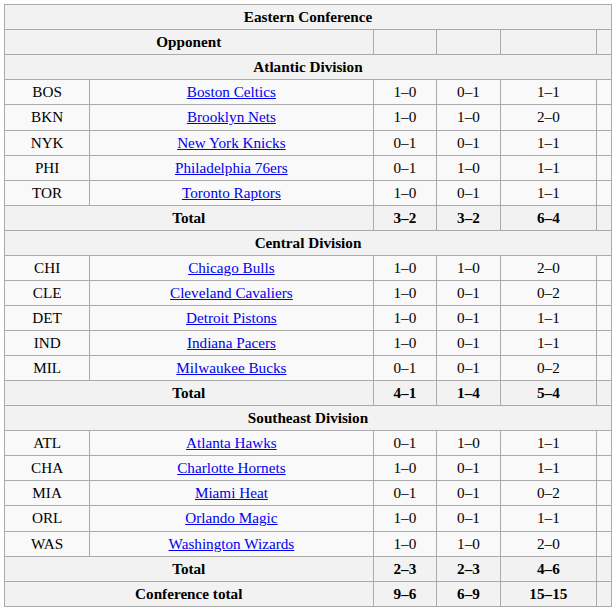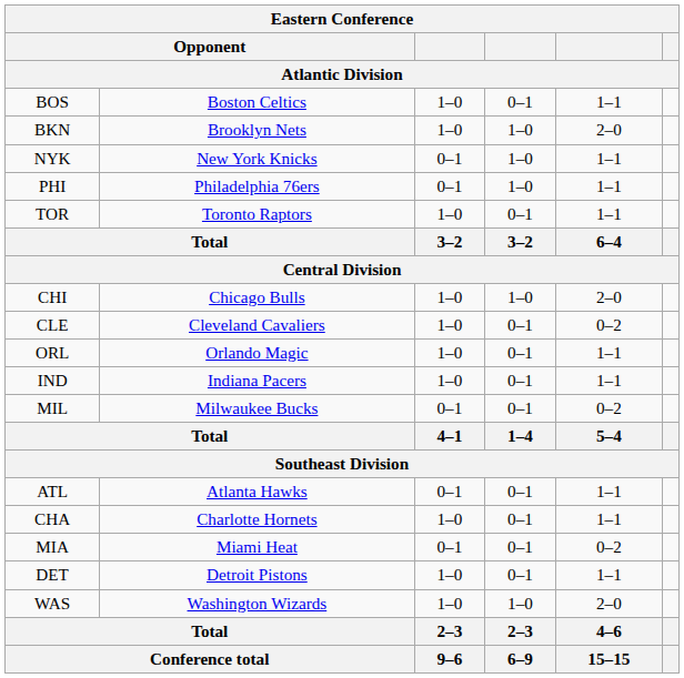 <table class="wikitable" style="margin:1em auto; font-size:95%; text-align:center; width:40em;">
 <tr>
 <th colspan="6">Eastern Conference</th>
 </tr>
 <tr>
 <th colspan="2">Opponent</th>
 <th></th>
 <th></th>
 <th></th>
 <th></th>
 </tr>
 <tr>
 <th colspan="6">Atlantic Division</th>
 </tr>
 <tr>
 <td>BOS</td>
 <td><a href='#'>Boston Celtics</a></td>
 <td>1–0</td>
 <td>0–1</td>
 <td>1–1</td>
 <td></td>
 </tr>
 <tr>
 <td>BKN</td>
 <td><a href='#'>Brooklyn Nets</a></td>
 <td>1–0</td>
 <td>1–0</td>
 <td>2–0</td>
 <td></td>
 </tr>
 <tr>
 <td>NYK</td>
 <td><a href='#'>New York Knicks</a></td>
 <td>0–1</td>
-<td>0–1</td>
+<td>1–0</td>
 <td>1–1</td>
 <td></td>
 </tr>
 <tr>
 <td>PHI</td>
 <td><a href='#'>Philadelphia 76ers</a></td>
 <td>0–1</td>
 <td>1–0</td>
 <td>1–1</td>
 <td></td>
 </tr>
 <tr>
 <td>TOR</td>
 <td><a href='#'>Toronto Raptors</a></td>
 <td>1–0</td>
 <td>0–1</td>
 <td>1–1</td>
 <td></td>
 </tr>
 <tr>
 <th colspan="2">Total</th>
 <th>3–2</th>
 <th>3–2</th>
 <th>6–4</th>
 <th></th>
 </tr>
 <tr>
 <th colspan="6">Central Division</th>
 </tr>
 <tr>
 <td>CHI</td>
 <td><a href='#'>Chicago Bulls</a></td>
 <td>1–0</td>
 <td>1–0</td>
 <td>2–0</td>
 <td></td>
 </tr>
 <tr>
 <td>CLE</td>
 <td><a href='#'>Cleveland Cavaliers</a></td>
 <td>1–0</td>
 <td>0–1</td>
 <td>0–2</td>
 <td></td>
 </tr>
 <tr>
-<td>DET</td>
-<td><a href='#'>Detroit Pistons</a></td>
+<td>ORL</td>
+<td><a href='#'>Orlando Magic</a></td>
 <td>1–0</td>
 <td>0–1</td>
 <td>1–1</td>
 <td></td>
 </tr>
 <tr>
 <td>IND</td>
 <td><a href='#'>Indiana Pacers</a></td>
 <td>1–0</td>
 <td>0–1</td>
 <td>1–1</td>
 <td></td>
 </tr>
 <tr>
 <td>MIL</td>
 <td><a href='#'>Milwaukee Bucks</a></td>
 <td>0–1</td>
 <td>0–1</td>
 <td>0–2</td>
 <td></td>
 </tr>
 <tr>
 <th colspan="2">Total</th>
 <th>4–1</th>
 <th>1–4</th>
 <th>5–4</th>
 <th></th>
 </tr>
 <tr>
 <th colspan="6">Southeast Division</th>
 </tr>
 <tr>
 <td>ATL</td>
 <td><a href='#'>Atlanta Hawks</a></td>
 <td>0–1</td>
-<td>1–0</td>
+<td>0–1</td>
 <td>1–1</td>
 <td></td>
 </tr>
 <tr>
 <td>CHA</td>
 <td><a href='#'>Charlotte Hornets</a></td>
 <td>1–0</td>
 <td>0–1</td>
 <td>1–1</td>
 <td></td>
 </tr>
 <tr>
 <td>MIA</td>
 <td><a href='#'>Miami Heat</a></td>
 <td>0–1</td>
 <td>0–1</td>
 <td>0–2</td>
 <td></td>
 </tr>
 <tr>
-<td>ORL</td>
-<td><a href='#'>Orlando Magic</a></td>
+<td>DET</td>
+<td><a href='#'>Detroit Pistons</a></td>
 <td>1–0</td>
 <td>0–1</td>
 <td>1–1</td>
 <td></td>
 </tr>
 <tr>
 <td>WAS</td>
 <td><a href='#'>Washington Wizards</a></td>
 <td>1–0</td>
 <td>1–0</td>
 <td>2–0</td>
 <td></td>
 </tr>
 <tr>
 <th colspan="2">Total</th>
 <th>2–3</th>
 <th>2–3</th>
 <th>4–6</th>
 <th></th>
 </tr>
 <tr>
 <th colspan="2">Conference total</th>
 <th>9–6</th>
 <th>6–9</th>
 <th>15–15</th>
 <th></th>
 </tr>
 </table>
